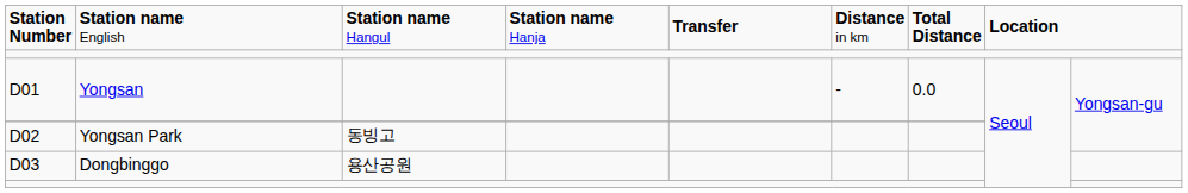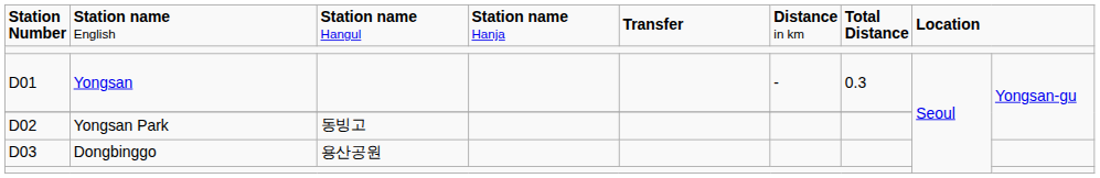 <table class="wikitable">
 <tr>
 <td><div><strong>Station<br>Number</strong></div></td>
 <td width="250"><div><strong>Station name</strong><br><small>English</small></div></td>
 <td width="150"><div><strong>Station name</strong><br><small><a href='#'>Hangul</a></small></div></td>
 <td width="150"><div><strong>Station name</strong><br><small><a href='#'>Hanja</a></small></div></td>
 <td width="150"><div><strong>Transfer</strong></div></td>
 <td><div><strong>Distance</strong><br><small>in km</small></div></td>
 <td><div><strong>Total<br>Distance</strong></div></td>
 <td colspan = "2"><div><strong>Location</strong></div></td>
 </tr>
 <tr style="background:#">
 <td colspan = "10"></td>
 </tr>
 <tr>
 <td><div>D01</div></td>
 <td><a href='#'>Yongsan</a></td>
 <td></td>
 <td></td>
 <td><br> <br><br> </td>
 <td><div>-</div></td>
-<td><div>0.0</div></td>
+<td><div>0.3</div></td>
 <td width="75" rowspan="7"><div><a href='#'>Seoul</a></div></td>
 <td width="100" rowspan="3"><div><a href='#'>Yongsan-gu</a></div></td>
 </tr>
 <tr>
 </tr>
 <tr>
 <td><div>D02</div></td>
 <td>Yongsan Park</td>
 <td>동빙고<br></td>
 <td></td>
 <td></td>
 <td></td>
 <td></td>
 </tr>
 <tr>
 <td><div>D03</div></td>
 <td Dongbinggo station>Dongbinggo</td>
 <td>용산공원</td>
 <td><br></td>
 <td></td>
 <td></td>
 </tr>
 <tr style="background:#">
 <td colspan = "10"></td>
 </tr>
 </table>
